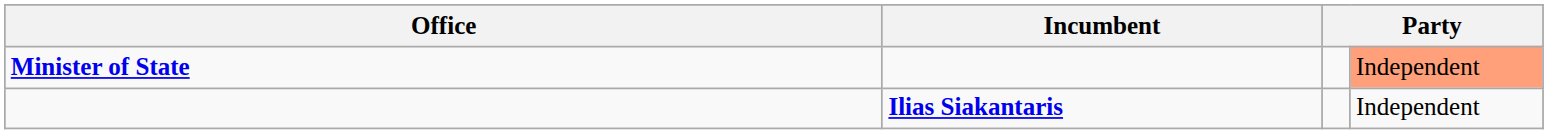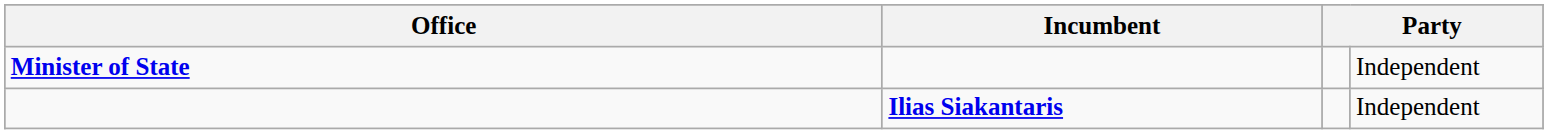 <table class="wikitable" style="width: 70%; font-size: 90%;">
 <tr>
 <th width="40%">Office</th>
 <th width="20%">Incumbent</th>
 <th width="10%" colspan="2">Party</th>
 </tr>
 <tr>
 <td><strong><a href='#'>Minister of State</a></strong></td>
 <td><strong></strong></td>
 <td width=5px style="background-color: "></td>
-<td style="background: lightsalmon;">Independent</td>
+<td>Independent</td>
 </tr>
 <tr>
 <td></td>
 <td><strong><a href='#'>Ilias Siakantaris</a></strong></td>
 <td width=5px style="background-color: "></td>
 <td>Independent</td>
 </tr>
 </table>
